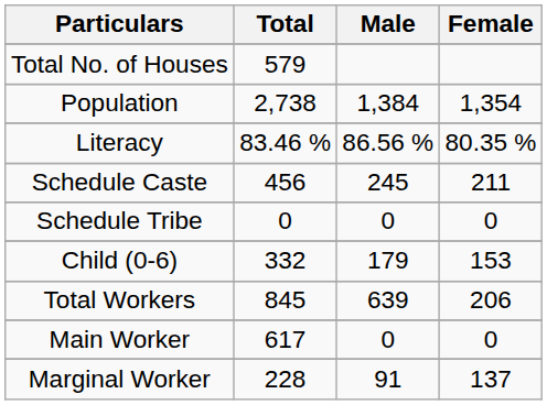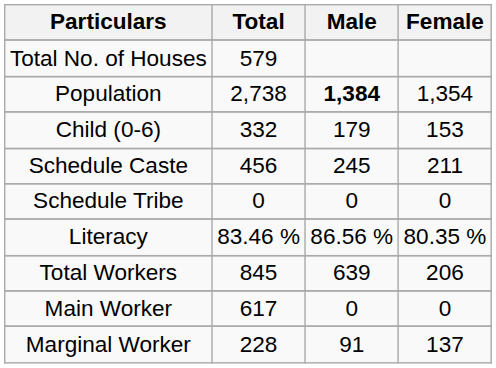 <table class="wikitable sortable" style="text-align:center; hight:50%;">
 <tr>
 <th>Particulars</th>
 <th>Total</th>
 <th>Male</th>
 <th>Female</th>
 </tr>
 <tr>
 </tr>
 <tr -bgcolor="#ffcccc">
 <td>Total No. of Houses</td>
 <td>579</td>
 <td></td>
 <td></td>
 </tr>
 <tr>
 </tr>
 <tr -bgcolor="#ccffcc">
 <td>Population</td>
 <td>2,738</td>
-<td>1,384</td>
+<td><strong>1,384</strong></td>
 <td>1,354</td>
 </tr>
 <tr>
 </tr>
-<tr -bgcolor="#ccffcc">
-<td>Literacy</td>
-<td>83.46 %</td>
-<td>86.56 %</td>
-<td>80.35 %</td>
+<tr -bgcolor="#ffcccc">
+<td>Child (0-6)</td>
+<td>332</td>
+<td>179</td>
+<td>153</td>
 </tr>
 <tr>
 </tr>
 <tr -bgcolor="#ccffcc">
 <td>Schedule Caste</td>
 <td>456</td>
 <td>245</td>
 <td>211</td>
 </tr>
 <tr>
 </tr>
 <tr -bgcolor="#ffcccc">
 <td>Schedule Tribe</td>
 <td>0</td>
 <td>0</td>
 <td>0</td>
 </tr>
 <tr>
 </tr>
-<tr -bgcolor="#ffcccc">
-<td>Child (0-6)</td>
-<td>332</td>
-<td>179</td>
-<td>153</td>
+<tr -bgcolor="#ccffcc">
+<td>Literacy</td>
+<td>83.46 %</td>
+<td>86.56 %</td>
+<td>80.35 %</td>
 </tr>
 <tr>
 </tr>
 <tr -bgcolor="#ffcccc">
 <td>Total Workers</td>
 <td>845</td>
 <td>639</td>
 <td>206</td>
 </tr>
 <tr>
 </tr>
 <tr -bgcolor="#ccffcc">
 <td>Main Worker</td>
 <td>617</td>
 <td>0</td>
 <td>0</td>
 </tr>
 <tr>
 </tr>
 <tr -bgcolor="#ffcccc">
 <td>Marginal Worker</td>
 <td>228</td>
 <td>91</td>
 <td>137</td>
 </tr>
 </table>
